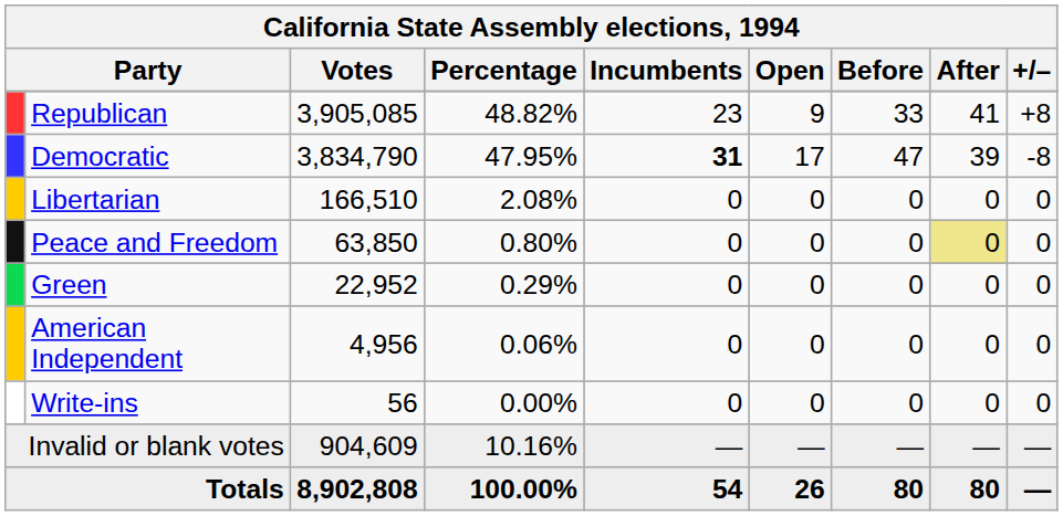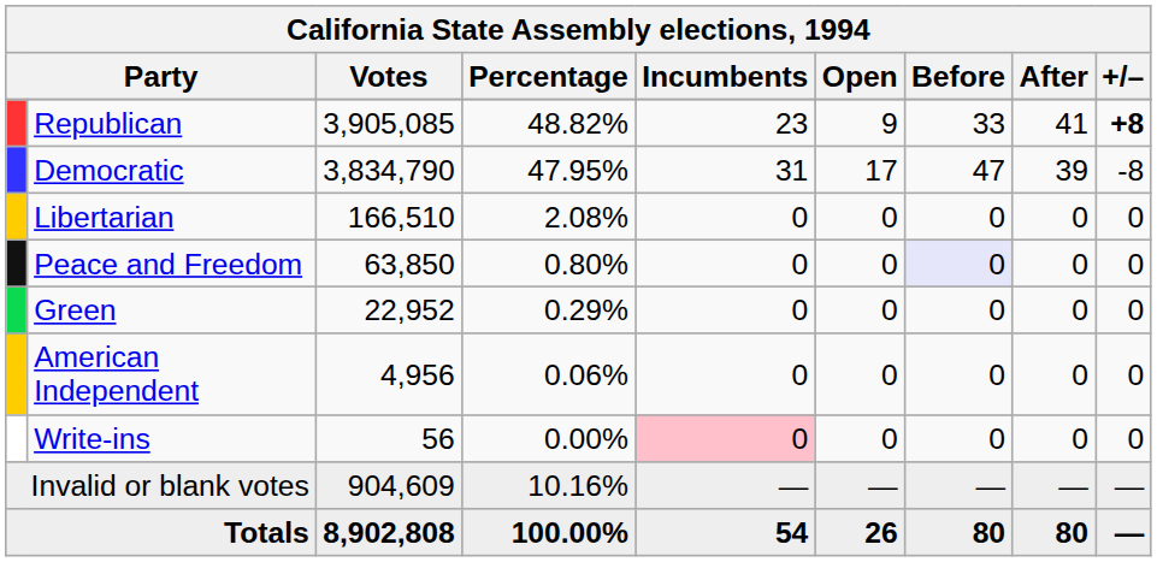 <table class="wikitable" style="font-size:95%;">
 <tr>
 <th colspan="9">California State Assembly elections, 1994</th>
 </tr>
 <tr>
 <th colspan=2 style="width: 10em">Party</th>
 <th style="width: 4em">Votes</th>
 <th style="width: 5em">Percentage</th>
 <th style="width: 5em">Incumbents</th>
 <th style="width: 2em">Open</th>
 <th style="width: 3em">Before</th>
 <th style="width: 2em">After</th>
 <th style="width: 1em">+/–</th>
 </tr>
 <tr>
 </tr>
 <tr>
 <th style="background-color:#FF3333; width: 3px"></th>
 <td style="width: 130px"><a href='#'>Republican</a></td>
 <td align="right">3,905,085</td>
 <td align="right">48.82%</td>
 <td align="right">23</td>
 <td align="right">9</td>
 <td align="right">33</td>
 <td align="right">41</td>
-<td align="right">+8</td>
+<td align="right"><strong>+8</strong></td>
 </tr>
 <tr>
 <th style="background-color:#3333FF; width: 3px"></th>
 <td style="width: 130px"><a href='#'>Democratic</a></td>
 <td align="right">3,834,790</td>
 <td align="right">47.95%</td>
-<td align="right"><strong>31</strong></td>
+<td align="right">31</td>
 <td align="right">17</td>
 <td align="right">47</td>
 <td align="right">39</td>
 <td align="right">-8</td>
 </tr>
 <tr>
 <th style="background-color:#FFCC00; width: 3px"></th>
 <td style="width: 130px"><a href='#'>Libertarian</a></td>
 <td align="right">166,510</td>
 <td align="right">2.08%</td>
 <td align="right">0</td>
 <td align="right">0</td>
 <td align="right">0</td>
 <td align="right">0</td>
 <td align="right">0</td>
 </tr>
 <tr>
 <th style="background-color:#111111; width: 3px"></th>
 <td style="width: 130px"><a href='#'>Peace and Freedom</a></td>
 <td align="right">63,850</td>
 <td align="right">0.80%</td>
 <td align="right">0</td>
 <td align="right">0</td>
+<td align="right" style="background: lavender;">0</td>
 <td align="right">0</td>
-<td align="right" style="background: khaki;">0</td>
 <td align="right">0</td>
 </tr>
 <tr>
 <th style="background-color:#0BDA51; width: 3px"></th>
 <td style="width: 130px"><a href='#'>Green</a></td>
 <td align="right">22,952</td>
 <td align="right">0.29%</td>
 <td align="right">0</td>
 <td align="right">0</td>
 <td align="right">0</td>
 <td align="right">0</td>
 <td align="right">0</td>
 </tr>
 <tr>
 <th style="background-color:#FFCC00; width: 3px"></th>
 <td style="width: 130px"><a href='#'>American Independent</a></td>
 <td align="right">4,956</td>
 <td align="right">0.06%</td>
 <td align="right">0</td>
 <td align="right">0</td>
 <td align="right">0</td>
 <td align="right">0</td>
 <td align="right">0</td>
 </tr>
 <tr>
 <th style="background-color:#FFFFFF; width: 3px"></th>
 <td style="width: 130px"><a href='#'>Write-ins</a></td>
 <td align="right">56</td>
 <td align="right">0.00%</td>
-<td align="right">0</td>
+<td align="right" style="background: pink;">0</td>
 <td align="right">0</td>
 <td align="right">0</td>
 <td align="right">0</td>
 <td align="right">0</td>
 </tr>
 <tr bgcolor="#EEEEEE">
 <td colspan="2" align="right">Invalid or blank votes</td>
 <td align="right">904,609</td>
 <td align="right">10.16%</td>
 <td align="right">—</td>
 <td align="right">—</td>
 <td align="right">—</td>
 <td align="right">—</td>
 <td align="right">—</td>
 </tr>
 <tr bgcolor="#EEEEEE">
 <td colspan="2" align="right"><strong>Totals</strong></td>
 <td align="right"><strong>8,902,808</strong></td>
 <td align="right"><strong>100.00%</strong></td>
 <td align="right"><strong>54</strong></td>
 <td align="right"><strong>26</strong></td>
 <td align="right"><strong>80</strong></td>
 <td align="right"><strong>80</strong></td>
 <td align="right"><strong>—</strong></td>
 </tr>
 </table>
